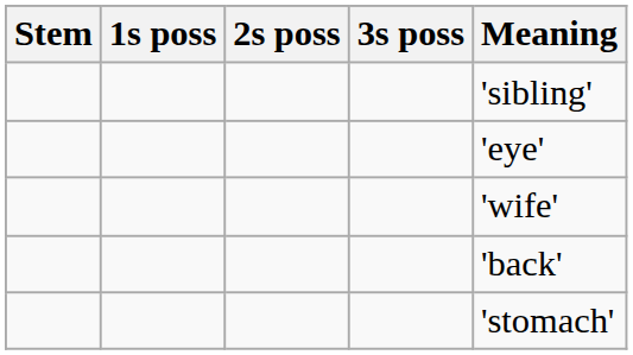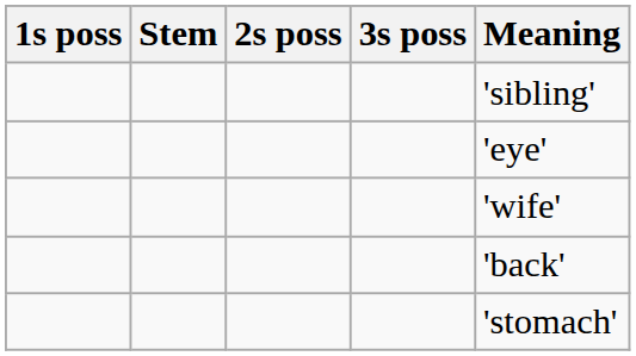 <table class="wikitable">
 <tr>
+<th>1s poss</th>
 <th>Stem</th>
-<th>1s poss</th>
 <th>2s poss</th>
 <th>3s poss</th>
 <th>Meaning</th>
 </tr>
 <tr>
 <td></td>
 <td></td>
 <td></td>
 <td></td>
 <td>'sibling'</td>
 </tr>
 <tr>
 <td></td>
 <td></td>
 <td></td>
 <td></td>
 <td>'eye'</td>
 </tr>
 <tr>
 <td></td>
 <td></td>
 <td></td>
 <td></td>
 <td>'wife'</td>
 </tr>
 <tr>
 <td></td>
 <td></td>
 <td></td>
 <td></td>
 <td>'back'</td>
 </tr>
 <tr>
 <td></td>
 <td></td>
 <td></td>
 <td></td>
 <td>'stomach'</td>
 </tr>
 </table>
